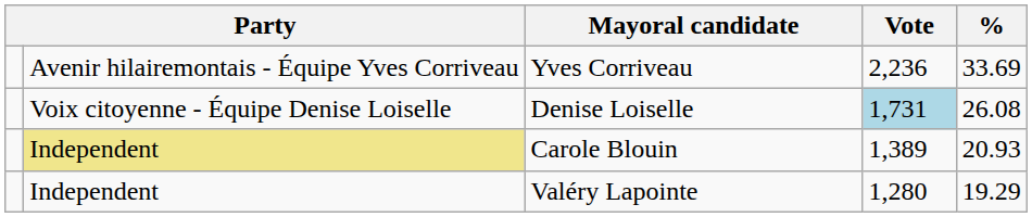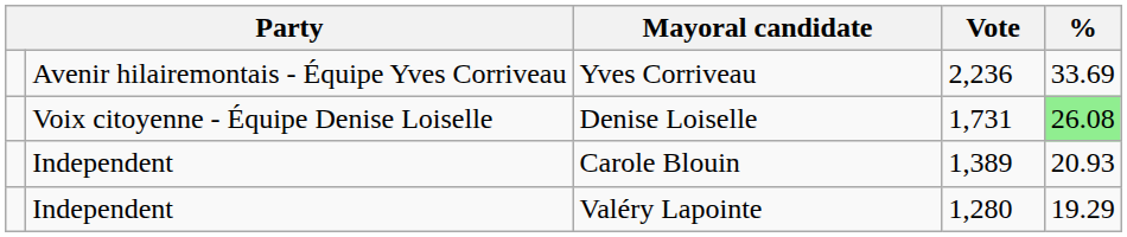 <table class="wikitable">
 <tr>
 <th bgcolor="#DDDDFF" width="230px" colspan="2">Party</th>
 <th bgcolor="#DDDDFF" width="200px">Mayoral candidate</th>
 <th bgcolor="#DDDDFF" width="50px">Vote</th>
 <th bgcolor="#DDDDFF" width="30px">%</th>
 </tr>
 <tr>
 <td> </td>
 <td>Avenir hilairemontais - Équipe Yves Corriveau</td>
 <td>Yves Corriveau</td>
 <td>2,236</td>
 <td>33.69</td>
 </tr>
 <tr>
 <td> </td>
 <td>Voix citoyenne - Équipe Denise Loiselle</td>
 <td>Denise Loiselle</td>
-<td style="background: lightblue;">1,731</td>
-<td>26.08</td>
+<td>1,731</td>
+<td style="background: lightgreen;">26.08</td>
 </tr>
 <tr>
 <td> </td>
-<td style="background: khaki;">Independent</td>
+<td>Independent</td>
 <td>Carole Blouin</td>
 <td>1,389</td>
 <td>20.93</td>
 </tr>
 <tr>
 <td> </td>
 <td>Independent</td>
 <td>Valéry Lapointe</td>
 <td>1,280</td>
 <td>19.29</td>
 </tr>
 </table>
